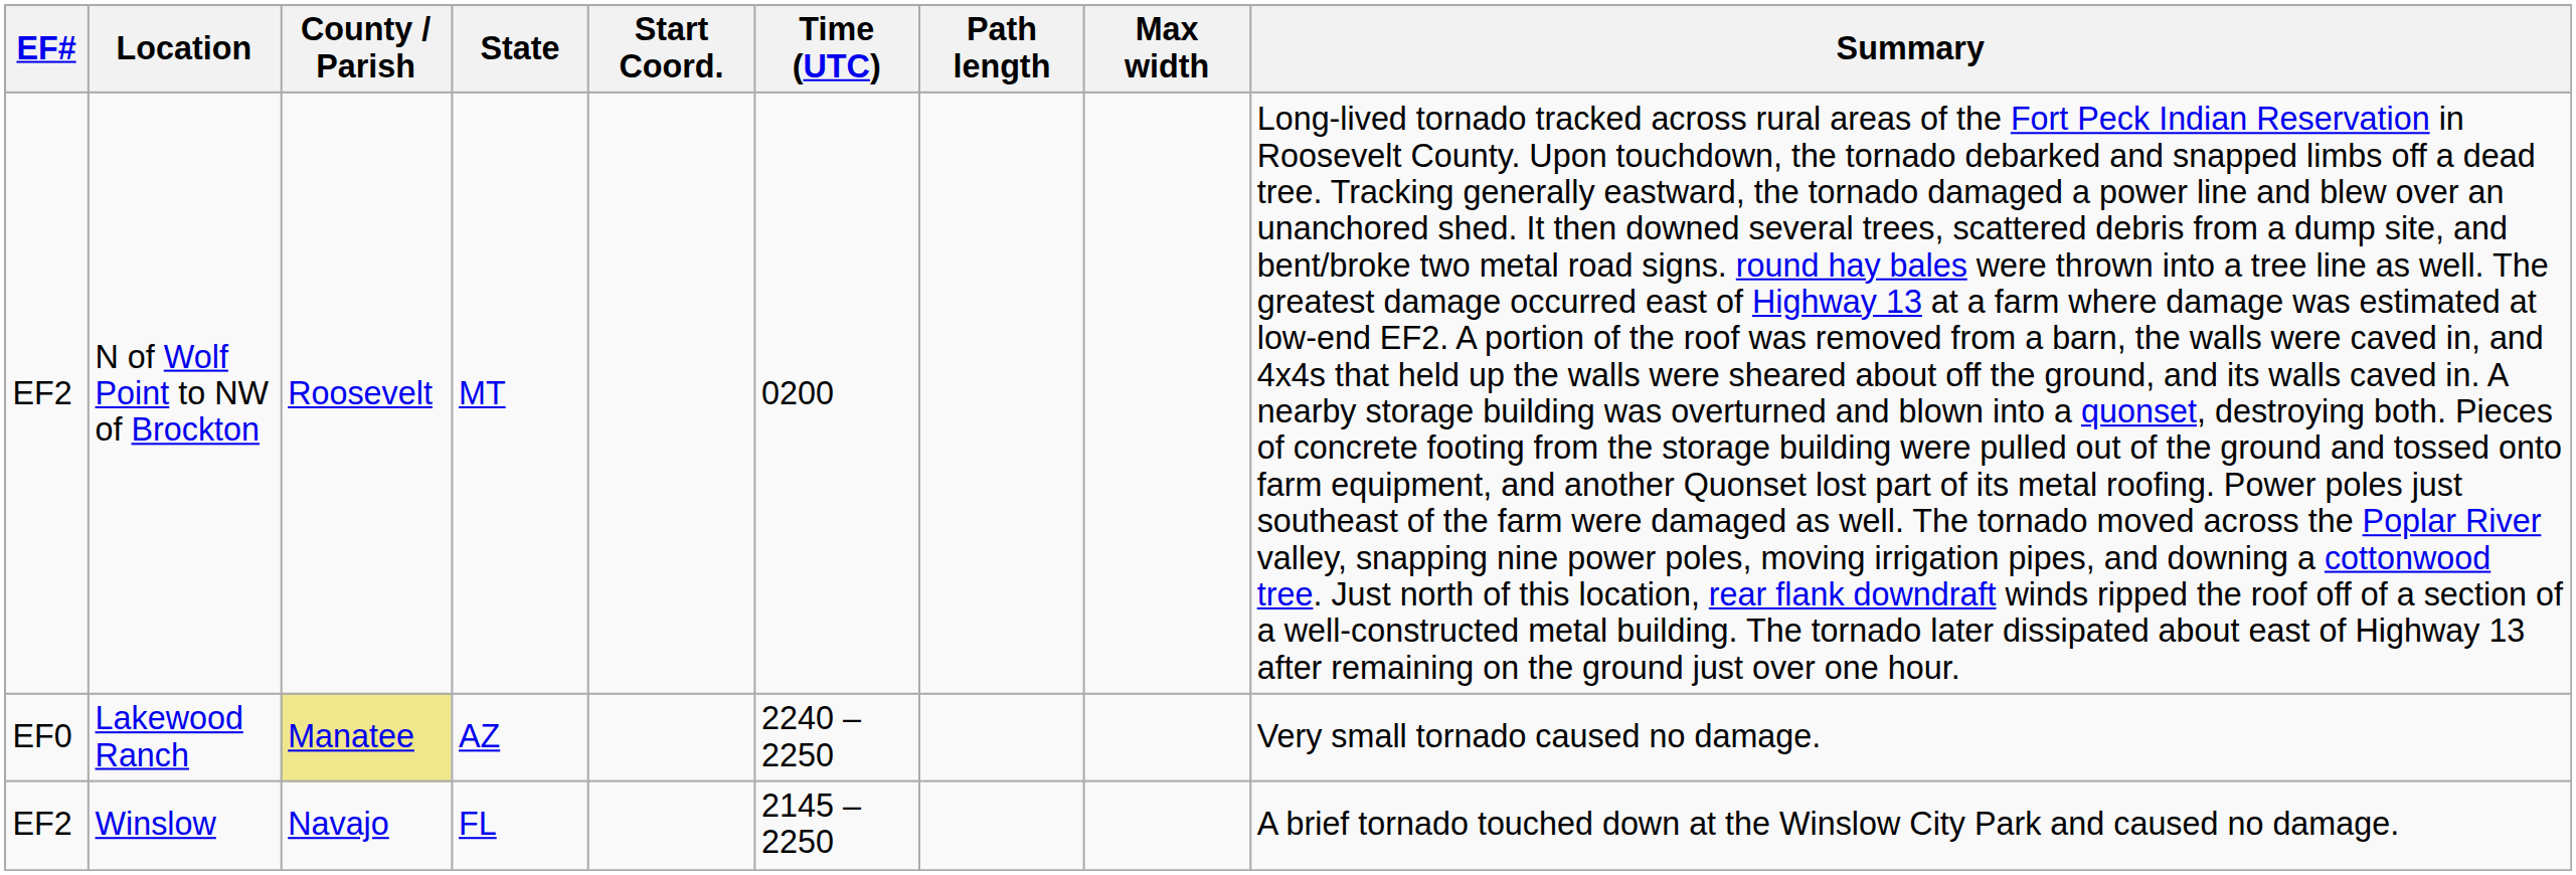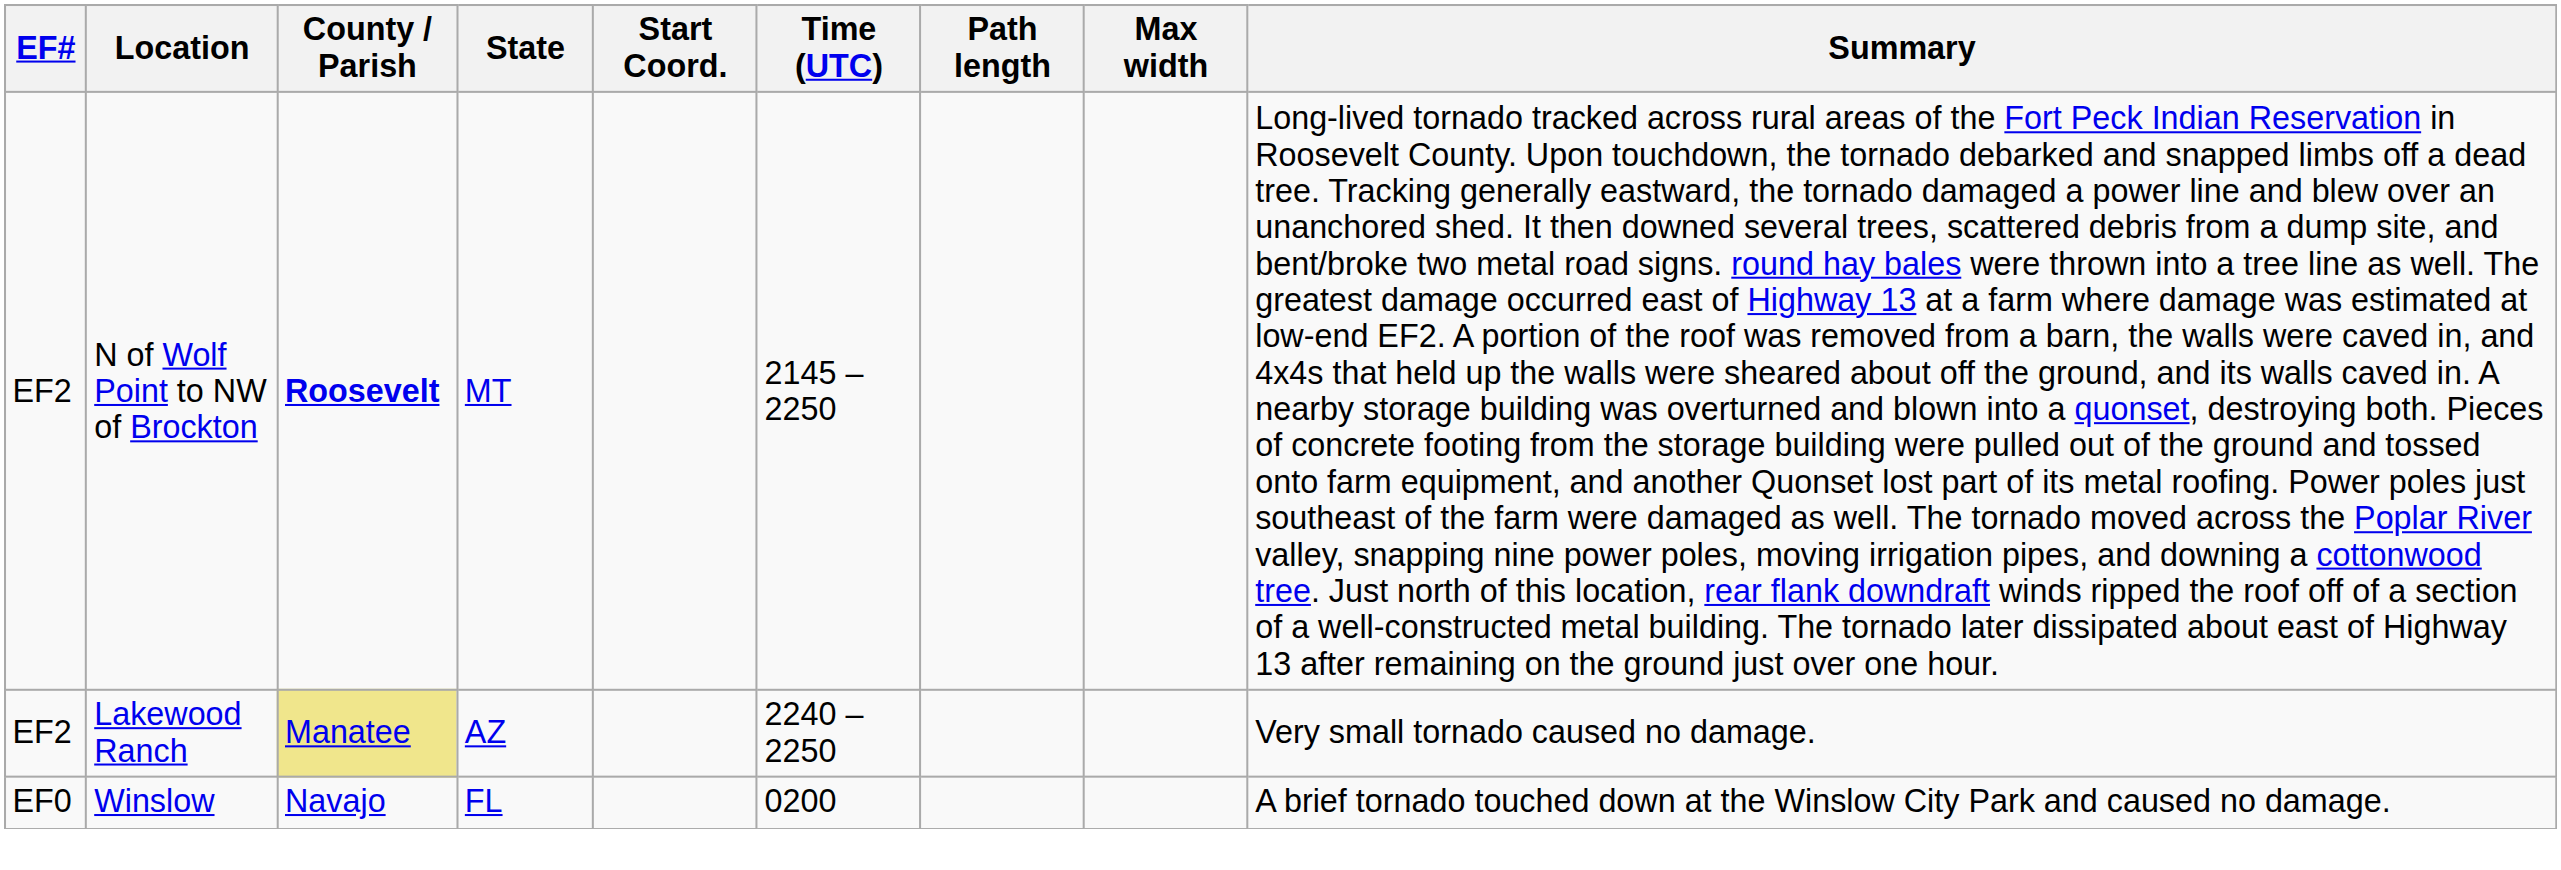 <table class="wikitable sortable" style="width:100%;">
 <tr>
 <th scope="col" width="3%" align="center"><a href='#'>EF#</a></th>
 <th scope="col" width="7%" align="center" class="unsortable">Location</th>
 <th scope="col" width="6%" align="center" class="unsortable">County / Parish</th>
 <th scope="col" width="5%" align="center">State</th>
 <th scope="col" width="6%" align="center">Start Coord.</th>
 <th scope="col" width="6%" align="center">Time (<a href='#'>UTC</a>)</th>
 <th scope="col" width="6%" align="center">Path length</th>
 <th scope="col" width="6%" align="center">Max width</th>
 <th scope="col" width="48%" class="unsortable" align="center">Summary</th>
 </tr>
 <tr>
 <td>EF2</td>
 <td>N of <a href='#'>Wolf Point</a> to NW of <a href='#'>Brockton</a></td>
-<td><a href='#'>Roosevelt</a></td>
+<td><strong><a href='#'>Roosevelt</a></strong></td>
 <td><a href='#'>MT</a></td>
 <td></td>
-<td>0200</td>
+<td>2145 – 2250</td>
 <td></td>
 <td></td>
 <td>Long-lived tornado tracked across rural areas of the <a href='#'>Fort Peck Indian Reservation</a> in Roosevelt County. Upon touchdown, the tornado debarked and snapped limbs off a dead tree. Tracking generally eastward, the tornado damaged a power line and blew over an unanchored shed. It then downed several trees, scattered debris from a dump site, and bent/broke two metal road signs.  <a href='#'>round hay bales</a> were thrown into a tree line as well. The greatest damage occurred  east of <a href='#'>Highway 13</a> at a farm where damage was estimated at low-end EF2. A portion of the roof was removed from a barn, the walls were caved in, and 4x4s that held up the walls were sheared about  off the ground, and its walls caved in. A nearby storage building was overturned and blown into a <a href='#'>quonset</a>, destroying both. Pieces of concrete footing from the storage building were pulled out of the ground and tossed onto farm equipment, and another Quonset lost part of its metal roofing. Power poles just southeast of the farm were damaged as well. The tornado moved across the <a href='#'>Poplar River</a> valley, snapping nine power poles, moving irrigation pipes, and downing a <a href='#'>cottonwood tree</a>. Just north of this location, <a href='#'>rear flank downdraft</a> winds ripped the roof off of a section of a well-constructed metal building. The tornado later dissipated about  east of Highway 13 after remaining on the ground just over one hour.</td>
 </tr>
 <tr>
-<td>EF0</td>
+<td>EF2</td>
 <td><a href='#'>Lakewood Ranch</a></td>
 <td style="background: khaki;"><a href='#'>Manatee</a></td>
 <td><a href='#'>AZ</a></td>
 <td></td>
 <td>2240 – 2250</td>
 <td></td>
 <td></td>
 <td>Very small tornado caused no damage.</td>
 </tr>
 <tr>
-<td>EF2</td>
+<td>EF0</td>
 <td><a href='#'>Winslow</a></td>
 <td><a href='#'>Navajo</a></td>
 <td><a href='#'>FL</a></td>
 <td></td>
-<td>2145 – 2250</td>
+<td>0200</td>
 <td></td>
 <td></td>
 <td>A brief tornado touched down at the Winslow City Park and caused no damage.</td>
 </tr>
 <tr>
 </tr>
 </table>
